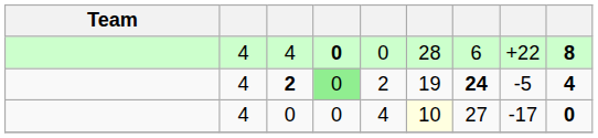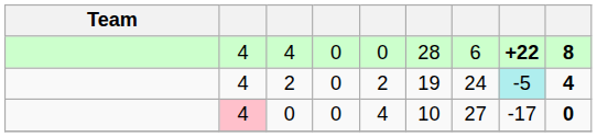 <table class="wikitable" style="text-align: center;">
 <tr>
 <th width=165>Team</th>
 <th width=30></th>
 <th width=30></th>
 <th width=30></th>
 <th width=30></th>
 <th width=30></th>
 <th width=30></th>
 <th width=30></th>
 <th width=30></th>
 </tr>
 <tr bgcolor=ccffcc>
 <td align=left></td>
 <td>4</td>
 <td>4</td>
-<td><strong>0</strong></td>
+<td>0</td>
 <td>0</td>
 <td>28</td>
 <td>6</td>
-<td>+22</td>
+<td><strong>+22</strong></td>
 <td><strong>8</strong></td>
 </tr>
 <tr>
 <td align=left></td>
 <td>4</td>
-<td><strong>2</strong></td>
-<td style="background: lightgreen;">0</td>
+<td>2</td>
+<td>0</td>
 <td>2</td>
 <td>19</td>
-<td><strong>24</strong></td>
-<td>-5</td>
+<td>24</td>
+<td style="background: paleturquoise;">-5</td>
 <td><strong>4</strong></td>
 </tr>
 <tr>
 <td align=left></td>
-<td>4</td>
+<td style="background: pink;">4</td>
 <td>0</td>
 <td>0</td>
 <td>4</td>
-<td style="background: lightyellow;">10</td>
+<td>10</td>
 <td>27</td>
 <td>-17</td>
 <td><strong>0</strong></td>
 </tr>
 <tr>
 </tr>
 </table>
